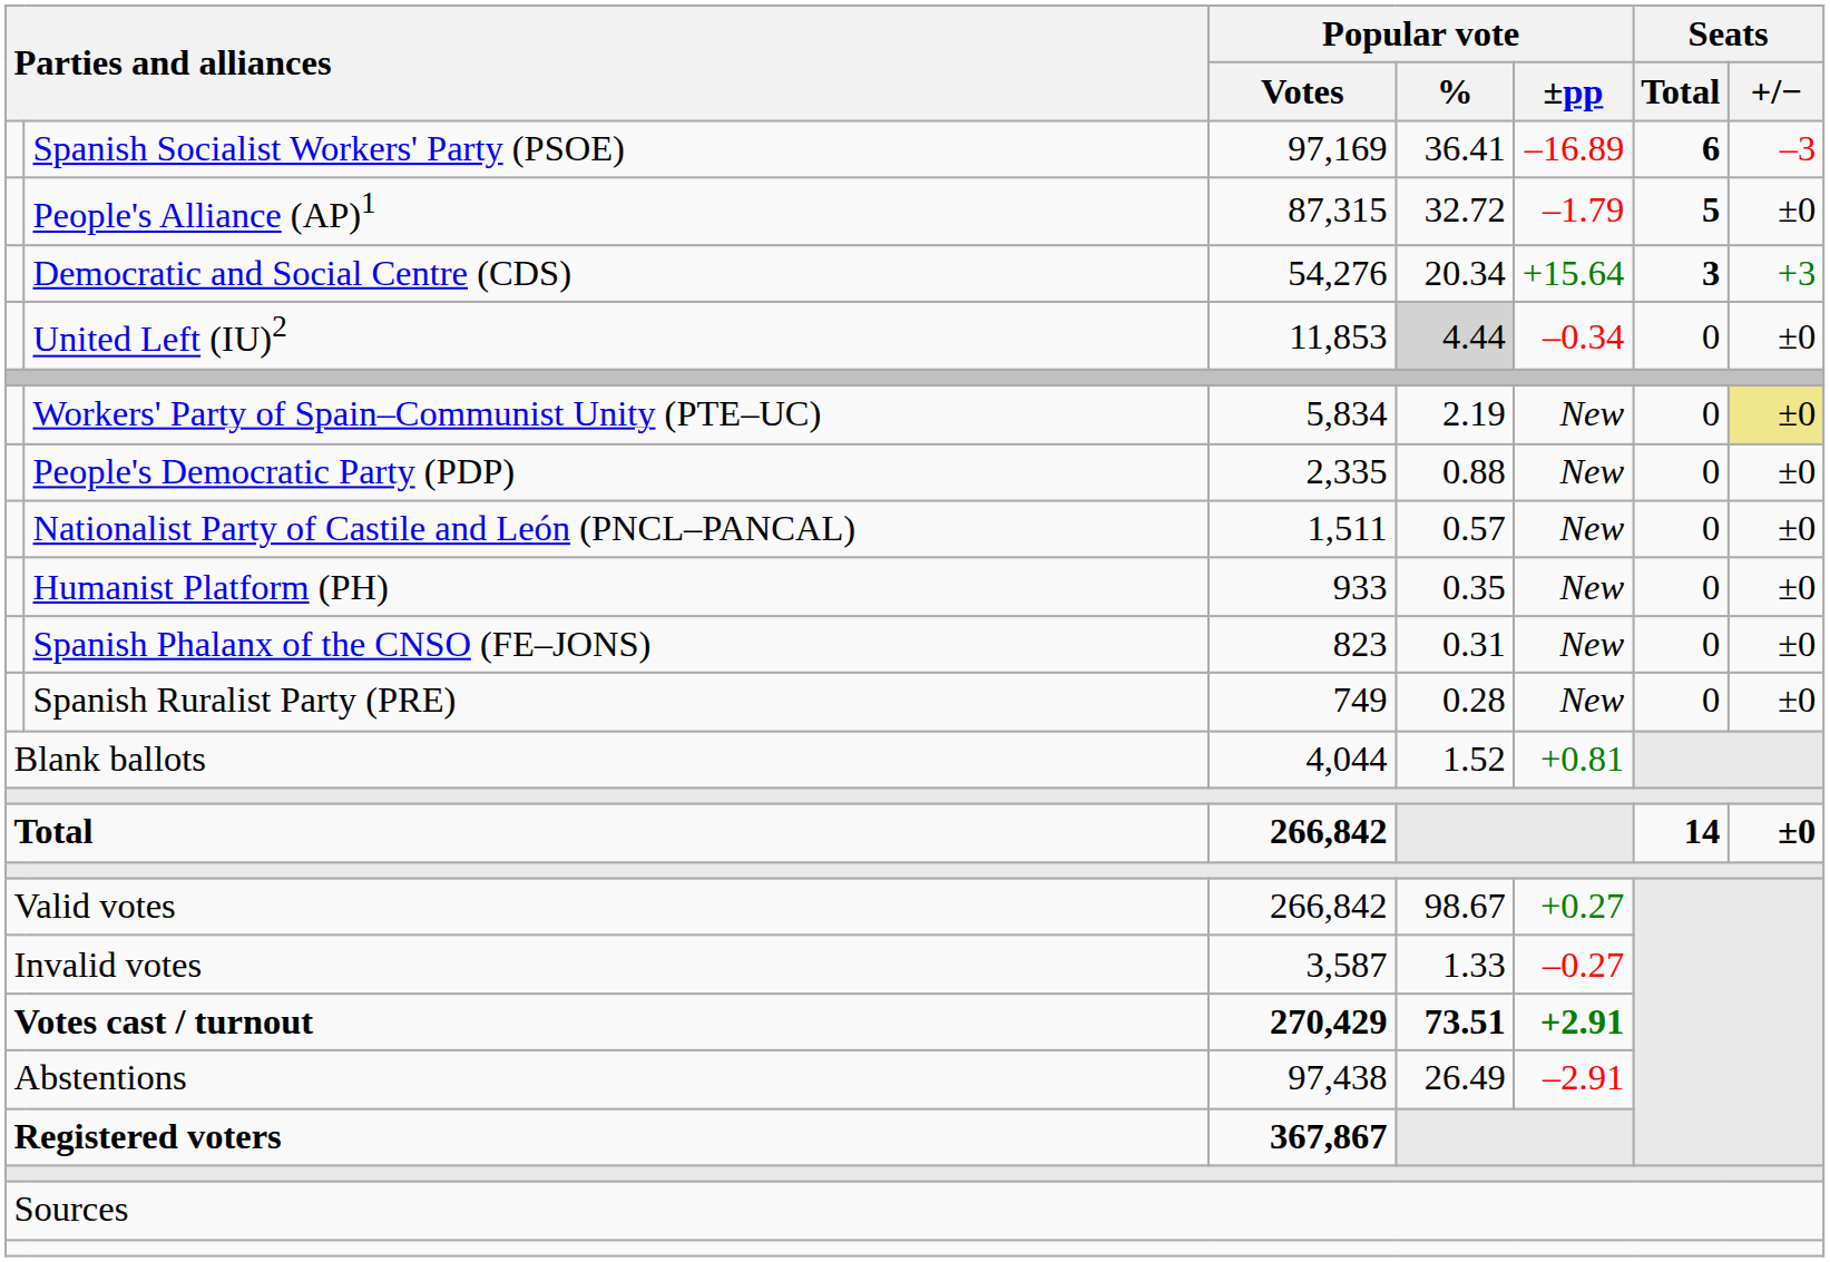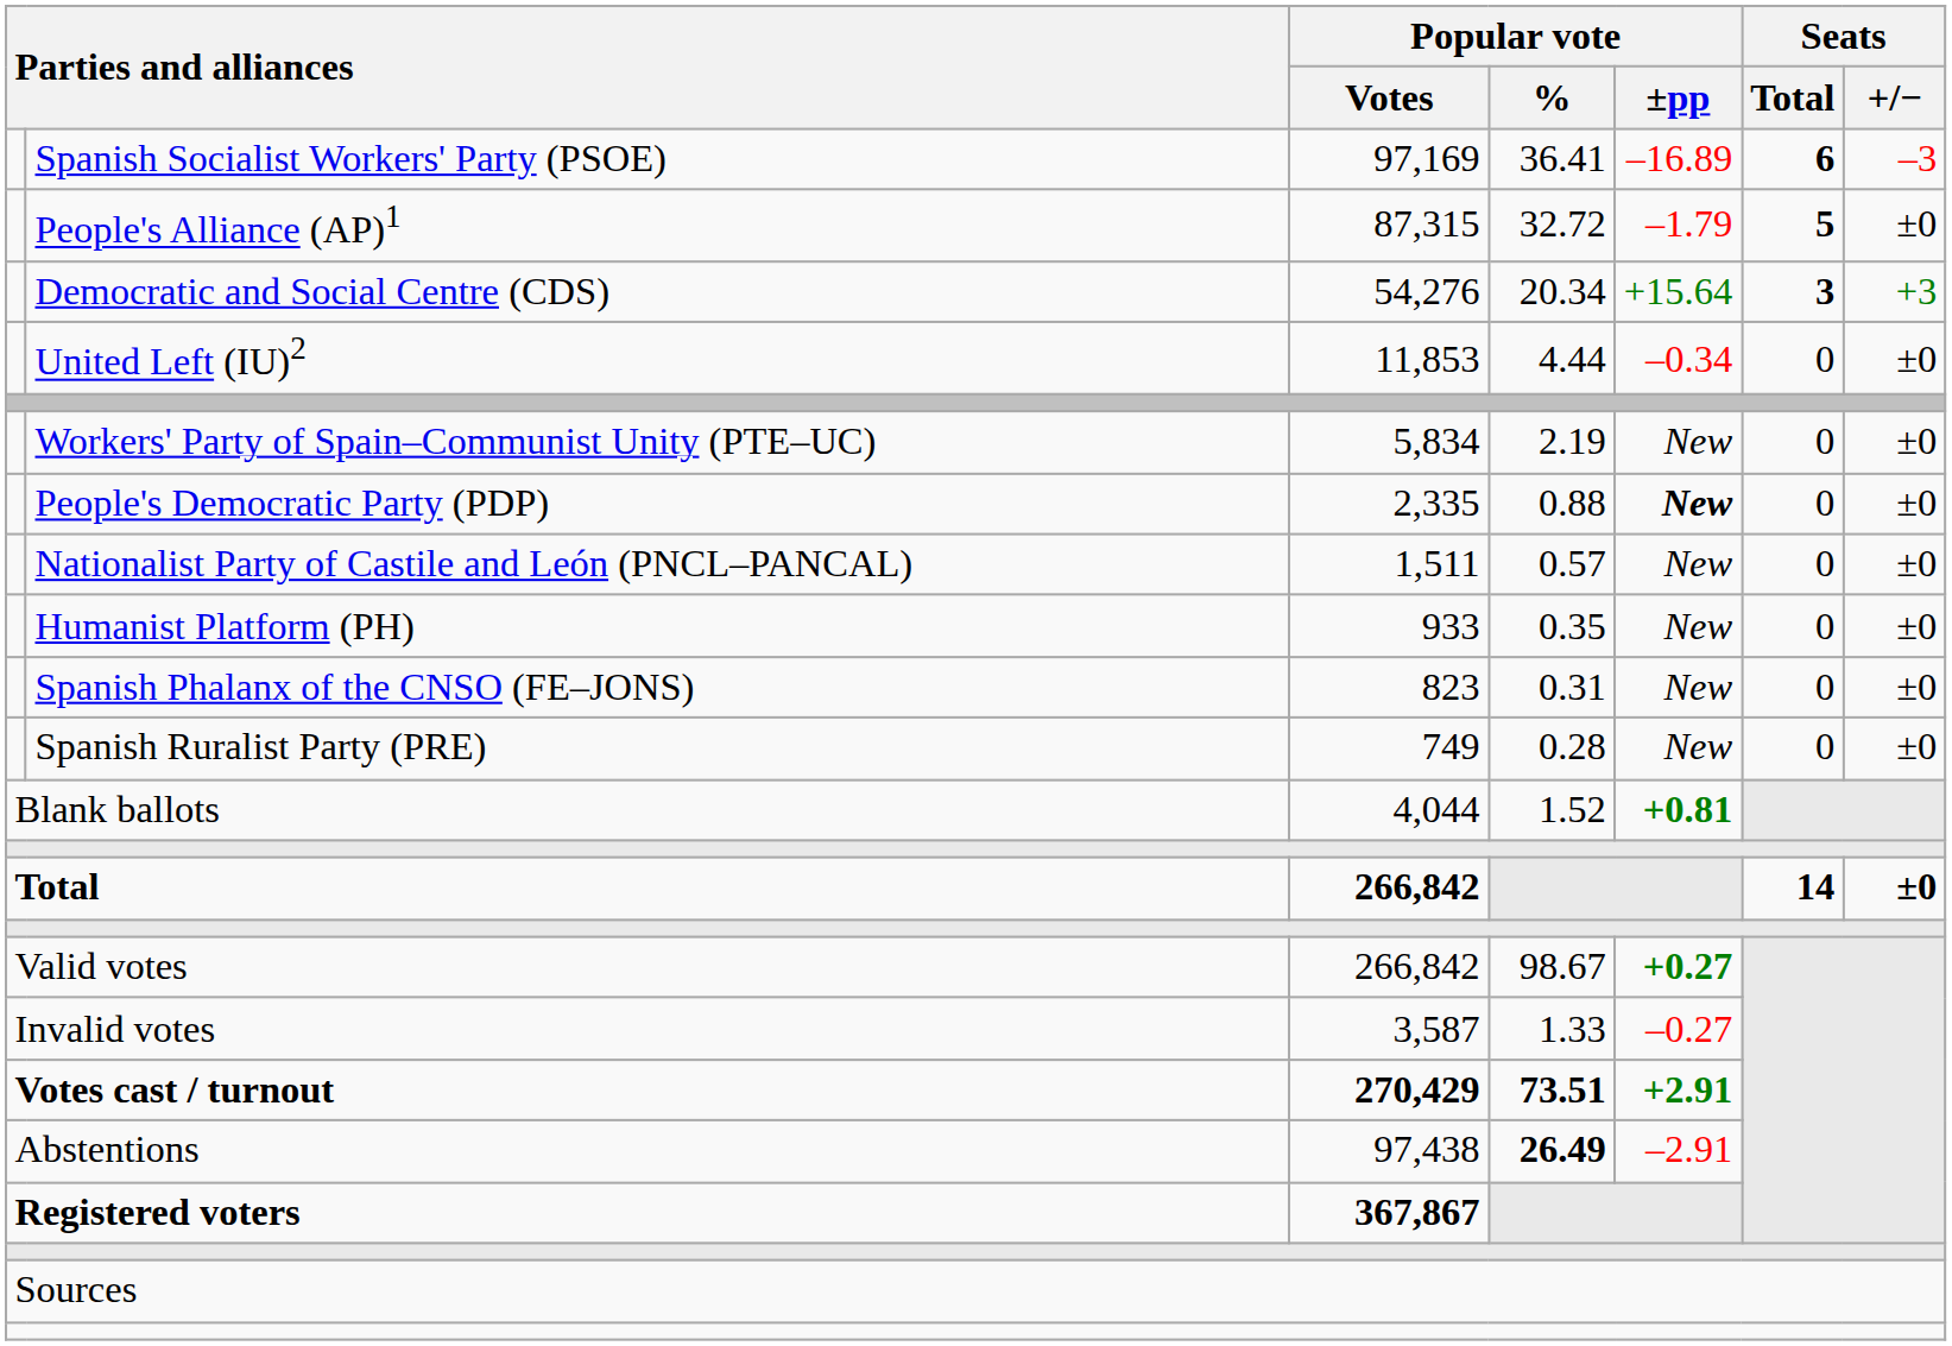 <table class="wikitable" style="text-align:right;">
 <tr>
 <th style="text-align:left;" rowspan="2" colspan="2" width="525">Parties and alliances</th>
 <th colspan="3">Popular vote</th>
 <th colspan="2">Seats</th>
 </tr>
 <tr>
 <th width="75">Votes</th>
 <th width="45">%</th>
 <th width="45">±<a href='#'>pp</a></th>
 <th width="35">Total</th>
 <th width="35">+/−</th>
 </tr>
 <tr>
 <td width="1" style="color:inherit;background:"></td>
 <td align="left"><a href='#'>Spanish Socialist Workers' Party</a> (PSOE)</td>
 <td>97,169</td>
 <td>36.41</td>
 <td style="color:red;">–16.89</td>
 <td><strong>6</strong></td>
 <td style="color:red;">–3</td>
 </tr>
 <tr>
 <td style="color:inherit;background:"></td>
 <td align="left"><a href='#'>People's Alliance</a> (AP)<sup>1</sup></td>
 <td>87,315</td>
 <td>32.72</td>
 <td style="color:red;">–1.79</td>
 <td><strong>5</strong></td>
 <td>±0</td>
 </tr>
 <tr>
 <td style="color:inherit;background:"></td>
 <td align="left"><a href='#'>Democratic and Social Centre</a> (CDS)</td>
 <td>54,276</td>
 <td>20.34</td>
 <td style="color:green;">+15.64</td>
 <td><strong>3</strong></td>
 <td style="color:green;">+3</td>
 </tr>
 <tr>
 <td style="color:inherit;background:"></td>
 <td align="left"><a href='#'>United Left</a> (IU)<sup>2</sup></td>
 <td>11,853</td>
-<td style="background: lightgrey;">4.44</td>
+<td>4.44</td>
 <td style="color:red;">–0.34</td>
 <td>0</td>
 <td>±0</td>
 </tr>
 <tr>
 <td colspan="7" bgcolor="#C0C0C0"></td>
 </tr>
 <tr>
 <td style="color:inherit;background:"></td>
 <td align="left"><a href='#'>Workers' Party of Spain–Communist Unity</a> (PTE–UC)</td>
 <td>5,834</td>
 <td>2.19</td>
 <td><em>New</em></td>
 <td>0</td>
-<td style="background: khaki;">±0</td>
+<td>±0</td>
 </tr>
 <tr>
 <td style="color:inherit;background:"></td>
 <td align="left"><a href='#'>People's Democratic Party</a> (PDP)</td>
 <td>2,335</td>
 <td>0.88</td>
-<td><em>New</em></td>
+<td><strong><em>New</em></strong></td>
 <td>0</td>
 <td>±0</td>
 </tr>
 <tr>
 <td style="color:inherit;background:"></td>
 <td align="left"><a href='#'>Nationalist Party of Castile and León</a> (PNCL–PANCAL)</td>
 <td>1,511</td>
 <td>0.57</td>
 <td><em>New</em></td>
 <td>0</td>
 <td>±0</td>
 </tr>
 <tr>
 <td style="color:inherit;background:"></td>
 <td align="left"><a href='#'>Humanist Platform</a> (PH)</td>
 <td>933</td>
 <td>0.35</td>
 <td><em>New</em></td>
 <td>0</td>
 <td>±0</td>
 </tr>
 <tr>
 <td style="color:inherit;background:"></td>
 <td align="left"><a href='#'>Spanish Phalanx of the CNSO</a> (FE–JONS)</td>
 <td>823</td>
 <td>0.31</td>
 <td><em>New</em></td>
 <td>0</td>
 <td>±0</td>
 </tr>
 <tr>
 <td style="color:inherit;background:"></td>
 <td align="left">Spanish Ruralist Party (PRE)</td>
 <td>749</td>
 <td>0.28</td>
 <td><em>New</em></td>
 <td>0</td>
 <td>±0</td>
 </tr>
 <tr>
 <td align="left" colspan="2">Blank ballots</td>
 <td>4,044</td>
 <td>1.52</td>
-<td style="color:green;">+0.81</td>
+<td style="color:green;"><strong>+0.81</strong></td>
 <td bgcolor="#E9E9E9" colspan="2"></td>
 </tr>
 <tr>
 <td colspan="7" bgcolor="#E9E9E9"></td>
 </tr>
 <tr style="font-weight:bold;">
 <td align="left" colspan="2">Total</td>
 <td>266,842</td>
 <td bgcolor="#E9E9E9" colspan="2"></td>
 <td>14</td>
 <td>±0</td>
 </tr>
 <tr>
 <td colspan="7" bgcolor="#E9E9E9"></td>
 </tr>
 <tr>
 <td align="left" colspan="2">Valid votes</td>
 <td>266,842</td>
 <td>98.67</td>
-<td style="color:green;">+0.27</td>
+<td style="color:green;"><strong>+0.27</strong></td>
 <td bgcolor="#E9E9E9" colspan="2" rowspan="5"></td>
 </tr>
 <tr>
 <td align="left" colspan="2">Invalid votes</td>
 <td>3,587</td>
 <td>1.33</td>
 <td style="color:red;">–0.27</td>
 </tr>
 <tr style="font-weight:bold;">
 <td align="left" colspan="2">Votes cast / turnout</td>
 <td>270,429</td>
 <td>73.51</td>
 <td style="color:green;">+2.91</td>
 </tr>
 <tr>
 <td align="left" colspan="2">Abstentions</td>
 <td>97,438</td>
-<td>26.49</td>
+<td><strong>26.49</strong></td>
 <td style="color:red;">–2.91</td>
 </tr>
 <tr style="font-weight:bold;">
 <td align="left" colspan="2">Registered voters</td>
 <td>367,867</td>
 <td bgcolor="#E9E9E9" colspan="2"></td>
 </tr>
 <tr>
 <td colspan="7" bgcolor="#E9E9E9"></td>
 </tr>
 <tr>
 <td align="left" colspan="7">Sources</td>
 </tr>
 <tr>
 <td colspan="7" style="text-align:left; max-width:790px;"></td>
 </tr>
 </table>
